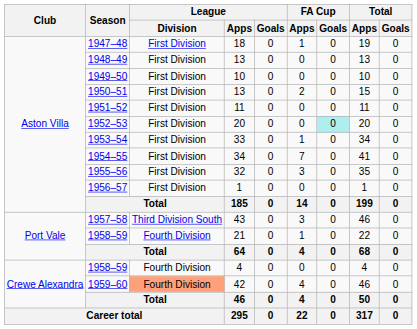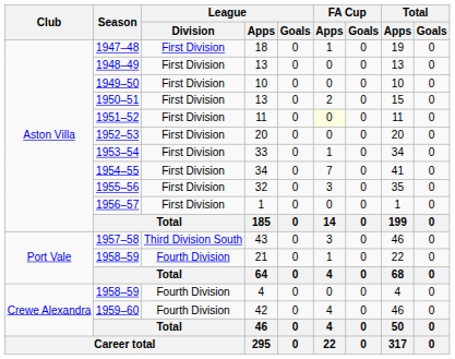 <table class="wikitable" style="text-align: center;">
 <tr>
 <th rowspan="2">Club</th>
 <th rowspan="2">Season</th>
 <th colspan="3">League</th>
 <th colspan="2">FA Cup</th>
 <th colspan="2">Total</th>
 </tr>
 <tr>
 <th>Division</th>
 <th>Apps</th>
 <th>Goals</th>
 <th>Apps</th>
 <th>Goals</th>
 <th>Apps</th>
 <th>Goals</th>
 </tr>
 <tr>
 <td rowspan="11"><a href='#'>Aston Villa</a></td>
 <td><a href='#'>1947–48</a></td>
 <td><a href='#'>First Division</a></td>
 <td>18</td>
 <td>0</td>
 <td>1</td>
 <td>0</td>
 <td>19</td>
 <td>0</td>
 </tr>
 <tr>
 <td><a href='#'>1948–49</a></td>
 <td>First Division</td>
 <td>13</td>
 <td>0</td>
 <td>0</td>
 <td>0</td>
 <td>13</td>
 <td>0</td>
 </tr>
 <tr>
 <td><a href='#'>1949–50</a></td>
 <td>First Division</td>
 <td>10</td>
 <td>0</td>
 <td>0</td>
 <td>0</td>
 <td>10</td>
 <td>0</td>
 </tr>
 <tr>
 <td><a href='#'>1950–51</a></td>
 <td>First Division</td>
 <td>13</td>
 <td>0</td>
 <td>2</td>
 <td>0</td>
 <td>15</td>
 <td>0</td>
 </tr>
 <tr>
 <td><a href='#'>1951–52</a></td>
 <td>First Division</td>
 <td>11</td>
 <td>0</td>
-<td>0</td>
+<td style="background: lightyellow;">0</td>
 <td>0</td>
 <td>11</td>
 <td>0</td>
 </tr>
 <tr>
 <td><a href='#'>1952–53</a></td>
 <td>First Division</td>
 <td>20</td>
 <td>0</td>
 <td>0</td>
-<td style="background: paleturquoise;">0</td>
+<td>0</td>
 <td>20</td>
 <td>0</td>
 </tr>
 <tr>
 <td><a href='#'>1953–54</a></td>
 <td>First Division</td>
 <td>33</td>
 <td>0</td>
 <td>1</td>
 <td>0</td>
 <td>34</td>
 <td>0</td>
 </tr>
 <tr>
 <td><a href='#'>1954–55</a></td>
 <td>First Division</td>
 <td>34</td>
 <td>0</td>
 <td>7</td>
 <td>0</td>
 <td>41</td>
 <td>0</td>
 </tr>
 <tr>
 <td><a href='#'>1955–56</a></td>
 <td>First Division</td>
 <td>32</td>
 <td>0</td>
 <td>3</td>
 <td>0</td>
 <td>35</td>
 <td>0</td>
 </tr>
 <tr>
 <td><a href='#'>1956–57</a></td>
 <td>First Division</td>
 <td>1</td>
 <td>0</td>
 <td>0</td>
 <td>0</td>
 <td>1</td>
 <td>0</td>
 </tr>
 <tr>
 <th colspan="2">Total</th>
 <th>185</th>
 <th>0</th>
 <th>14</th>
 <th>0</th>
 <th>199</th>
 <th>0</th>
 </tr>
 <tr>
 <td rowspan="3"><a href='#'>Port Vale</a></td>
 <td><a href='#'>1957–58</a></td>
 <td><a href='#'>Third Division South</a></td>
 <td>43</td>
 <td>0</td>
 <td>3</td>
 <td>0</td>
 <td>46</td>
 <td>0</td>
 </tr>
 <tr>
 <td><a href='#'>1958–59</a></td>
 <td><a href='#'>Fourth Division</a></td>
 <td>21</td>
 <td>0</td>
 <td>1</td>
 <td>0</td>
 <td>22</td>
 <td>0</td>
 </tr>
 <tr>
 <th colspan="2">Total</th>
 <th>64</th>
 <th>0</th>
 <th>4</th>
 <th>0</th>
 <th>68</th>
 <th>0</th>
 </tr>
 <tr>
 <td rowspan="3"><a href='#'>Crewe Alexandra</a></td>
 <td><a href='#'>1958–59</a></td>
 <td>Fourth Division</td>
 <td>4</td>
 <td>0</td>
 <td>0</td>
 <td>0</td>
 <td>4</td>
 <td>0</td>
 </tr>
 <tr>
 <td><a href='#'>1959–60</a></td>
-<td style="background: lightsalmon;">Fourth Division</td>
+<td>Fourth Division</td>
 <td>42</td>
 <td>0</td>
 <td>4</td>
 <td>0</td>
 <td>46</td>
 <td>0</td>
 </tr>
 <tr>
 <th colspan="2">Total</th>
 <th>46</th>
 <th>0</th>
 <th>4</th>
 <th>0</th>
 <th>50</th>
 <th>0</th>
 </tr>
 <tr>
 <th colspan="3">Career total</th>
 <th>295</th>
 <th>0</th>
 <th>22</th>
 <th>0</th>
 <th>317</th>
 <th>0</th>
 </tr>
 </table>
